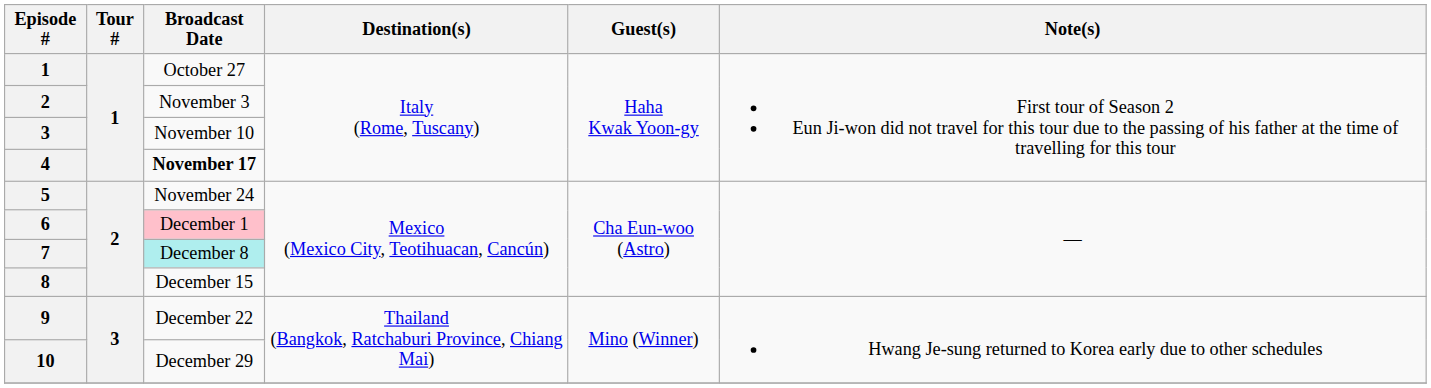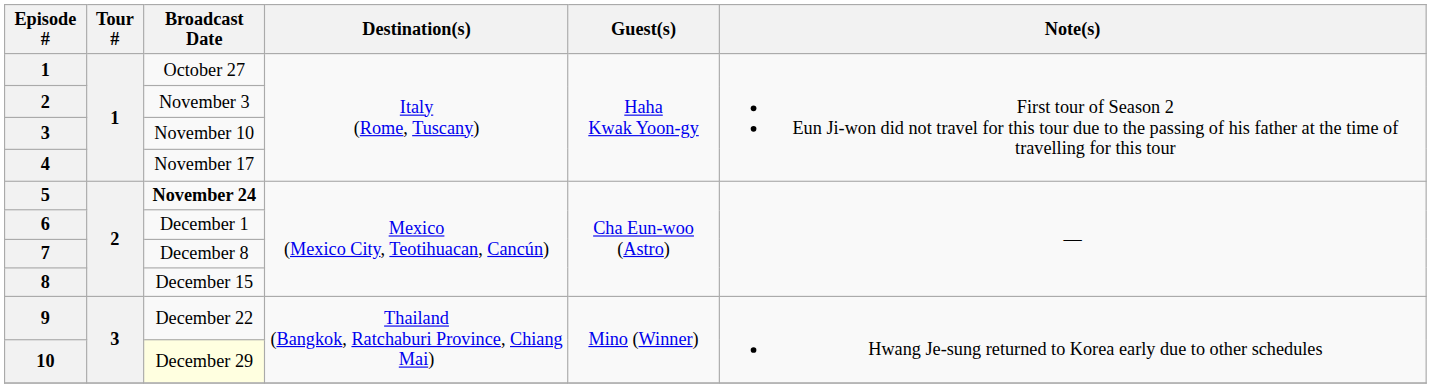 <table class="wikitable">
 <tr>
 <th>Episode #</th>
 <th>Tour #</th>
 <th>Broadcast Date</th>
 <th>Destination(s)</th>
 <th>Guest(s)</th>
 <th>Note(s)</th>
 </tr>
 <tr style="text-align:center;">
 <th>1</th>
 <th rowspan="4">1</th>
 <td>October 27</td>
 <td rowspan="4"><a href='#'>Italy</a><br>(<a href='#'>Rome</a>, <a href='#'>Tuscany</a>)</td>
 <td rowspan="4"><a href='#'>Haha</a><br><a href='#'>Kwak Yoon-gy</a></td>
 <td rowspan="4"><br><ul><li>First tour of Season 2</li><li>Eun Ji-won did not travel for this tour due to the passing of his father at the time of travelling for this tour</li></ul></td>
 </tr>
 <tr style="text-align:center;">
 <th>2</th>
 <td>November 3</td>
 </tr>
 <tr style="text-align:center;">
 <th>3</th>
 <td>November 10</td>
 </tr>
 <tr style="text-align:center;">
 <th>4</th>
-<td><strong>November 17</strong></td>
+<td>November 17</td>
 </tr>
 <tr style="text-align:center;">
 <th>5</th>
 <th rowspan="4">2</th>
-<td>November 24</td>
+<td><strong>November 24</strong></td>
 <td rowspan="4"><a href='#'>Mexico</a><br>(<a href='#'>Mexico City</a>, <a href='#'>Teotihuacan</a>, <a href='#'>Cancún</a>)</td>
 <td rowspan="4"><a href='#'>Cha Eun-woo</a> (<a href='#'>Astro</a>)</td>
 <td rowspan="4">—</td>
 </tr>
 <tr style="text-align:center;">
 <th>6</th>
-<td style="background: pink;">December 1</td>
+<td>December 1</td>
 </tr>
 <tr style="text-align:center;">
 <th>7</th>
-<td style="background: paleturquoise;">December 8</td>
+<td>December 8</td>
 </tr>
 <tr style="text-align:center;">
 <th>8</th>
 <td>December 15</td>
 </tr>
 <tr style="text-align:center;">
 <th>9</th>
 <th rowspan="2">3</th>
 <td>December 22</td>
 <td rowspan="2"><a href='#'>Thailand</a><br>(<a href='#'>Bangkok</a>, <a href='#'>Ratchaburi Province</a>, <a href='#'>Chiang Mai</a>)</td>
 <td rowspan="2"><a href='#'>Mino</a> (<a href='#'>Winner</a>)</td>
 <td rowspan="2"><br><ul><li>Hwang Je-sung returned to Korea early due to other schedules</li></ul></td>
 </tr>
 <tr style="text-align:center;">
 <th>10</th>
-<td>December 29</td>
+<td style="background: lightyellow;">December 29</td>
 </tr>
 <tr style="text-align:center;">
 </tr>
 </table>
